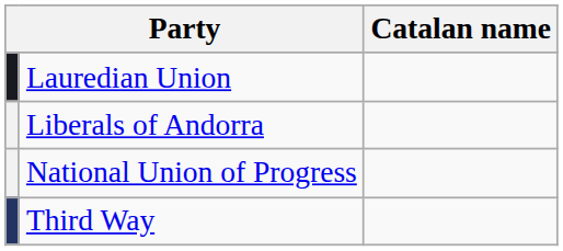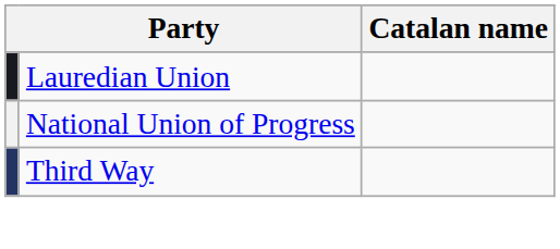 <table class="wikitable sortable">
 <tr>
 <th colspan=2>Party</th>
 <th>Catalan name</th>
 </tr>
 <tr>
 <th style="background-color: #191920"></th>
 <td><a href='#'>Lauredian Union</a></td>
-<td></td>
-</tr>
-<tr>
-<th style="background-color: "></th>
-<td><a href='#'>Liberals of Andorra</a></td>
 <td></td>
 </tr>
 <tr>
 <th style="background-color:"></th>
 <td><a href='#'>National Union of Progress</a></td>
 <td></td>
 </tr>
 <tr>
 <th style="background-color: #233364"></th>
 <td><a href='#'>Third Way</a></td>
 <td></td>
 </tr>
 </table>
